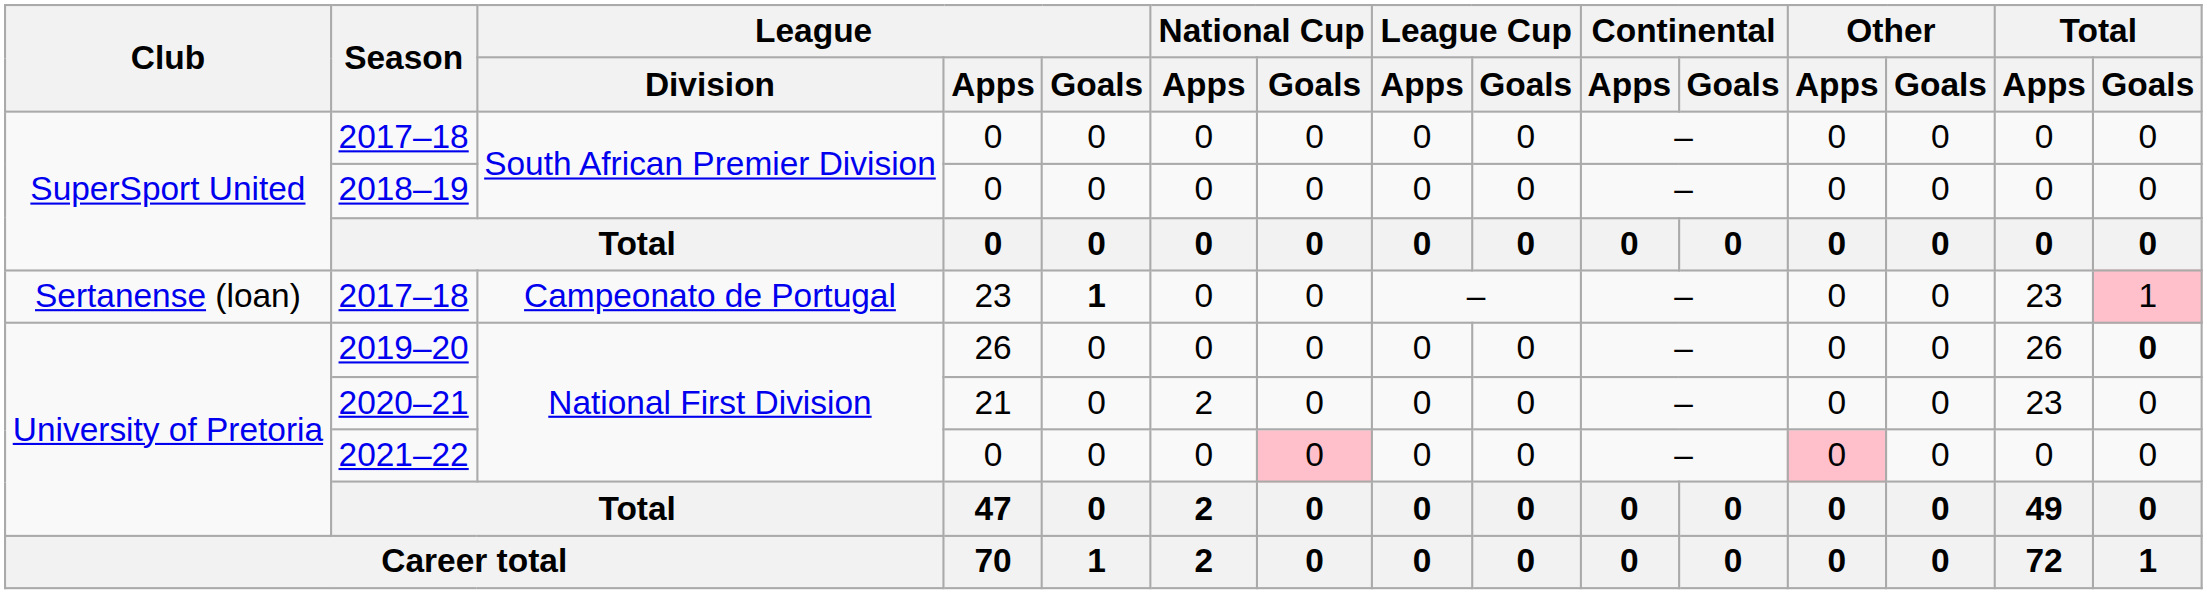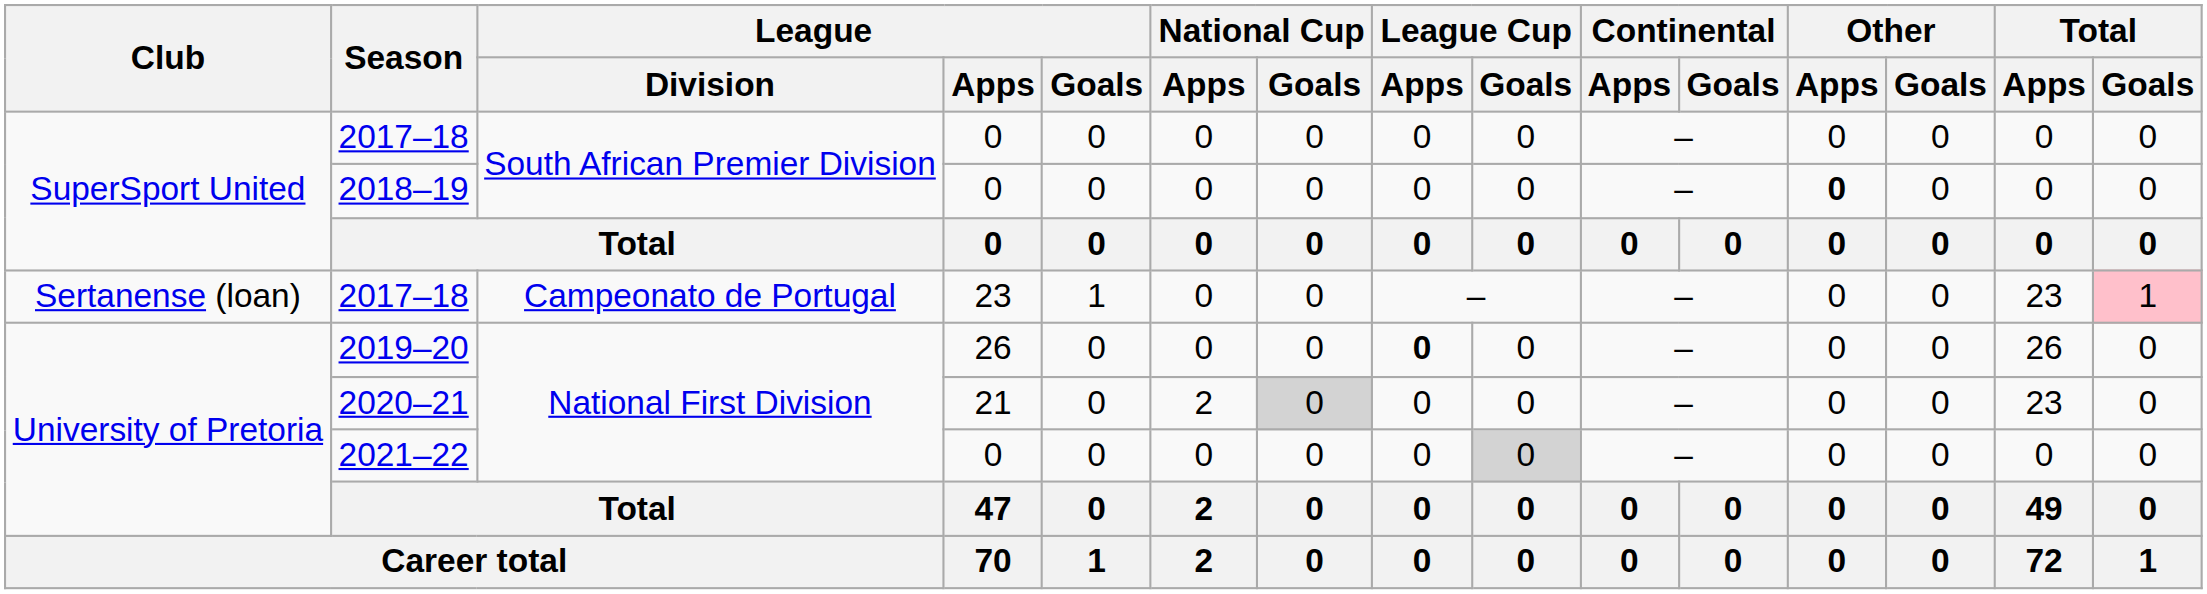 <table class="wikitable" style="text-align: center">
 <tr>
 <th rowspan="2">Club</th>
 <th rowspan="2">Season</th>
 <th colspan="3">League</th>
 <th colspan="2">National Cup</th>
 <th colspan="2">League Cup</th>
 <th colspan="2">Continental</th>
 <th colspan="2">Other</th>
 <th colspan="2">Total</th>
 </tr>
 <tr>
 <th>Division</th>
 <th>Apps</th>
 <th>Goals</th>
 <th>Apps</th>
 <th>Goals</th>
 <th>Apps</th>
 <th>Goals</th>
 <th>Apps</th>
 <th>Goals</th>
 <th>Apps</th>
 <th>Goals</th>
 <th>Apps</th>
 <th>Goals</th>
 </tr>
 <tr>
 <td rowspan="3"><a href='#'>SuperSport United</a></td>
 <td><a href='#'>2017–18</a></td>
 <td rowspan="2"><a href='#'>South African Premier Division</a></td>
 <td>0</td>
 <td>0</td>
 <td>0</td>
 <td>0</td>
 <td>0</td>
 <td>0</td>
 <td colspan="2">–</td>
 <td>0</td>
 <td>0</td>
 <td>0</td>
 <td>0</td>
 </tr>
 <tr>
 <td><a href='#'>2018–19</a></td>
 <td>0</td>
 <td>0</td>
 <td>0</td>
 <td>0</td>
 <td>0</td>
 <td>0</td>
 <td colspan="2">–</td>
-<td>0</td>
+<td><strong>0</strong></td>
 <td>0</td>
 <td>0</td>
 <td>0</td>
 </tr>
 <tr>
 <th colspan=2>Total</th>
 <th>0</th>
 <th>0</th>
 <th>0</th>
 <th>0</th>
 <th>0</th>
 <th>0</th>
 <th>0</th>
 <th>0</th>
 <th>0</th>
 <th>0</th>
 <th>0</th>
 <th>0</th>
 </tr>
 <tr>
 <td><a href='#'>Sertanense</a> (loan)</td>
 <td><a href='#'>2017–18</a></td>
 <td><a href='#'>Campeonato de Portugal</a></td>
 <td>23</td>
-<td><strong>1</strong></td>
+<td>1</td>
 <td>0</td>
 <td>0</td>
 <td colspan="2">–</td>
 <td colspan="2">–</td>
 <td>0</td>
 <td>0</td>
 <td>23</td>
 <td style="background: pink;">1</td>
 </tr>
 <tr>
 <td rowspan="4"><a href='#'>University of Pretoria</a></td>
 <td><a href='#'>2019–20</a></td>
 <td rowspan="3"><a href='#'>National First Division</a></td>
 <td>26</td>
 <td>0</td>
 <td>0</td>
 <td>0</td>
-<td>0</td>
+<td><strong>0</strong></td>
 <td>0</td>
 <td colspan="2">–</td>
 <td>0</td>
 <td>0</td>
 <td>26</td>
-<td><strong>0</strong></td>
+<td>0</td>
 </tr>
 <tr>
 <td><a href='#'>2020–21</a></td>
 <td>21</td>
 <td>0</td>
 <td>2</td>
-<td>0</td>
+<td style="background: lightgrey;">0</td>
 <td>0</td>
 <td>0</td>
 <td colspan="2">–</td>
 <td>0</td>
 <td>0</td>
 <td>23</td>
 <td>0</td>
 </tr>
 <tr>
 <td><a href='#'>2021–22</a></td>
 <td>0</td>
 <td>0</td>
 <td>0</td>
-<td style="background: pink;">0</td>
 <td>0</td>
 <td>0</td>
+<td style="background: lightgrey;">0</td>
 <td colspan="2">–</td>
-<td style="background: pink;">0</td>
+<td>0</td>
 <td>0</td>
 <td>0</td>
 <td>0</td>
 </tr>
 <tr>
 <th colspan=2>Total</th>
 <th>47</th>
 <th>0</th>
 <th>2</th>
 <th>0</th>
 <th>0</th>
 <th>0</th>
 <th>0</th>
 <th>0</th>
 <th>0</th>
 <th>0</th>
 <th>49</th>
 <th>0</th>
 </tr>
 <tr>
 <th colspan=3>Career total</th>
 <th>70</th>
 <th>1</th>
 <th>2</th>
 <th>0</th>
 <th>0</th>
 <th>0</th>
 <th>0</th>
 <th>0</th>
 <th>0</th>
 <th>0</th>
 <th>72</th>
 <th>1</th>
 </tr>
 </table>
